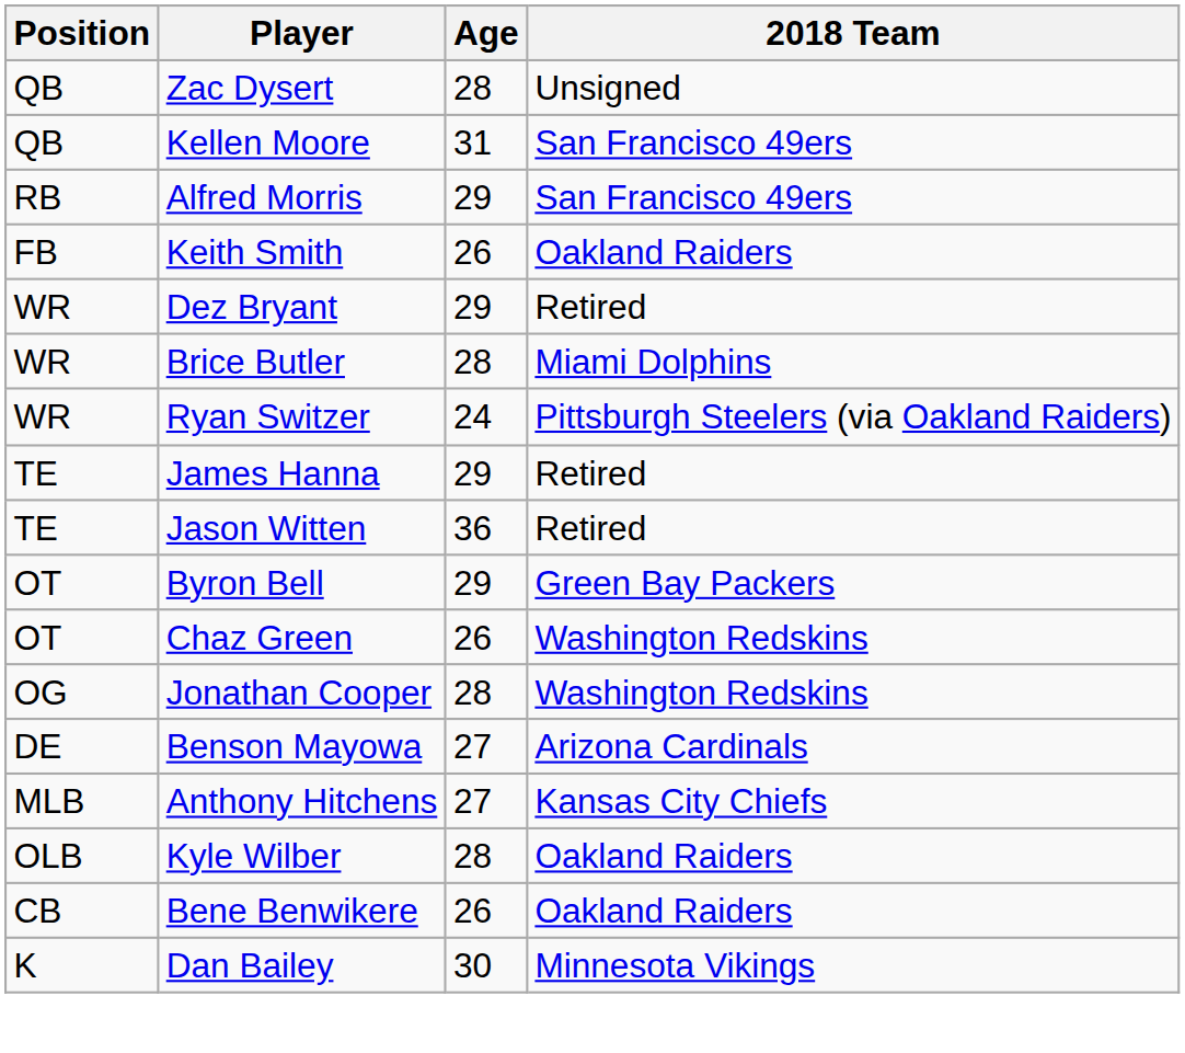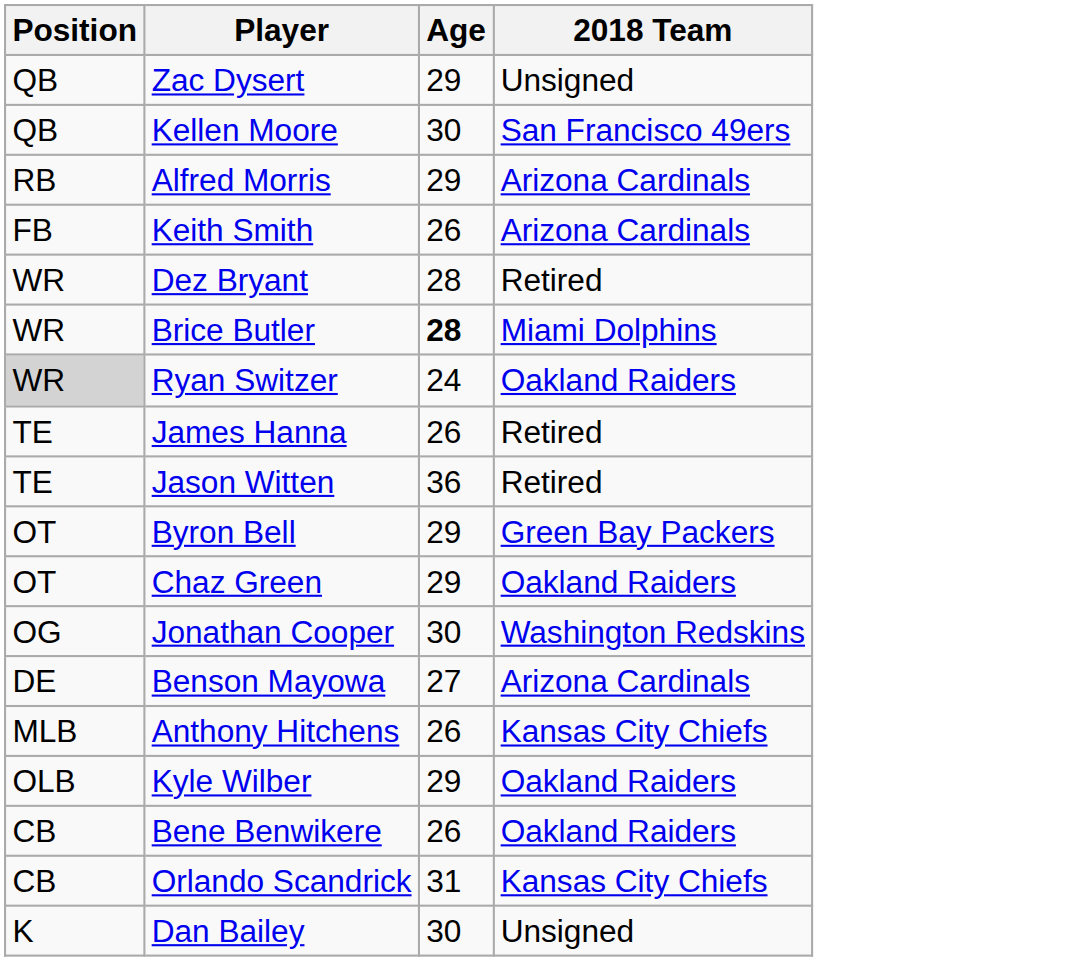 <table class="wikitable" style="font-size: 95%; text-align: left">
 <tr>
 <th>Position</th>
 <th>Player</th>
 <th>Age</th>
 <th>2018 Team</th>
 </tr>
 <tr>
 <td>QB</td>
 <td><a href='#'>Zac Dysert</a></td>
-<td>28</td>
+<td>29</td>
 <td>Unsigned</td>
 </tr>
 <tr>
 <td>QB</td>
 <td><a href='#'>Kellen Moore</a></td>
-<td>31</td>
+<td>30</td>
 <td><a href='#'>San Francisco 49ers</a></td>
 </tr>
 <tr>
 <td>RB</td>
 <td><a href='#'>Alfred Morris</a></td>
 <td>29</td>
-<td><a href='#'>San Francisco 49ers</a></td>
+<td><a href='#'>Arizona Cardinals</a></td>
 </tr>
 <tr>
 <td>FB</td>
 <td><a href='#'>Keith Smith</a></td>
 <td>26</td>
-<td><a href='#'>Oakland Raiders</a></td>
+<td><a href='#'>Arizona Cardinals</a></td>
 </tr>
 <tr>
 <td>WR</td>
 <td><a href='#'>Dez Bryant</a></td>
-<td>29</td>
+<td>28</td>
 <td>Retired</td>
 </tr>
 <tr>
 <td>WR</td>
 <td><a href='#'>Brice Butler</a></td>
-<td>28</td>
+<td><strong>28</strong></td>
 <td><a href='#'>Miami Dolphins</a></td>
 </tr>
 <tr>
-<td>WR</td>
+<td style="background: lightgrey;">WR</td>
 <td><a href='#'>Ryan Switzer</a></td>
 <td>24</td>
-<td><a href='#'>Pittsburgh Steelers</a> (via <a href='#'>Oakland Raiders</a>)</td>
+<td><a href='#'>Oakland Raiders</a></td>
 </tr>
 <tr>
 <td>TE</td>
 <td><a href='#'>James Hanna</a></td>
-<td>29</td>
+<td>26</td>
 <td>Retired</td>
 </tr>
 <tr>
 <td>TE</td>
 <td><a href='#'>Jason Witten</a></td>
 <td>36</td>
 <td>Retired</td>
 </tr>
 <tr>
 <td>OT</td>
 <td><a href='#'>Byron Bell</a></td>
 <td>29</td>
 <td><a href='#'>Green Bay Packers</a></td>
 </tr>
 <tr>
 <td>OT</td>
 <td><a href='#'>Chaz Green</a></td>
-<td>26</td>
-<td><a href='#'>Washington Redskins</a></td>
+<td>29</td>
+<td><a href='#'>Oakland Raiders</a></td>
 </tr>
 <tr>
 <td>OG</td>
 <td><a href='#'>Jonathan Cooper</a></td>
-<td>28</td>
+<td>30</td>
 <td><a href='#'>Washington Redskins</a></td>
 </tr>
 <tr>
 <td>DE</td>
 <td><a href='#'>Benson Mayowa</a></td>
 <td>27</td>
 <td><a href='#'>Arizona Cardinals</a></td>
 </tr>
 <tr>
 <td>MLB</td>
 <td><a href='#'>Anthony Hitchens</a></td>
-<td>27</td>
+<td>26</td>
 <td><a href='#'>Kansas City Chiefs</a></td>
 </tr>
 <tr>
 <td>OLB</td>
 <td><a href='#'>Kyle Wilber</a></td>
-<td>28</td>
+<td>29</td>
 <td><a href='#'>Oakland Raiders</a></td>
 </tr>
 <tr>
 <td>CB</td>
 <td><a href='#'>Bene Benwikere</a></td>
 <td>26</td>
 <td><a href='#'>Oakland Raiders</a></td>
 </tr>
 <tr>
+<td>CB</td>
+<td><a href='#'>Orlando Scandrick</a></td>
+<td>31</td>
+<td><a href='#'>Kansas City Chiefs</a></td>
+</tr>
+<tr>
 <td>K</td>
 <td><a href='#'>Dan Bailey</a></td>
 <td>30</td>
-<td><a href='#'>Minnesota Vikings</a></td>
+<td>Unsigned</td>
 </tr>
 </table>
